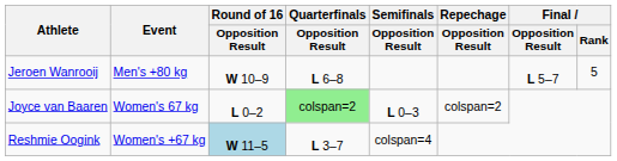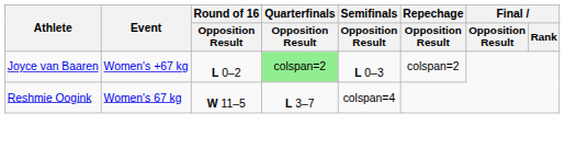 <table class="wikitable" style="text-align:center; font-size:90%">
 <tr>
 <th rowspan=2>Athlete</th>
 <th rowspan=2>Event</th>
 <th>Round of 16</th>
 <th>Quarterfinals</th>
 <th>Semifinals</th>
 <th>Repechage</th>
 <th colspan="2">Final / </th>
 </tr>
 <tr style="font-size:95%">
 <th>Opposition<br>Result</th>
 <th>Opposition<br>Result</th>
 <th>Opposition<br>Result</th>
 <th>Opposition<br>Result</th>
 <th>Opposition<br>Result</th>
 <th>Rank</th>
 </tr>
 <tr>
-<td align=left><a href='#'>Jeroen Wanrooij</a></td>
-<td align=left><a href='#'>Men's +80 kg</a></td>
-<td><br><strong>W</strong> 10–9</td>
-<td><br><strong>L</strong> 6–8</td>
-<td></td>
-<td></td>
-<td><br><strong>L</strong> 5–7</td>
-<td>5</td>
-</tr>
-<tr>
 <td align=left><a href='#'>Joyce van Baaren</a></td>
-<td align=left><a href='#'>Women's 67 kg</a></td>
+<td align=left><a href='#'>Women's +67 kg</a></td>
 <td><br><strong>L</strong> 0–2</td>
 <td style="background: lightgreen;">colspan=2 </td>
 <td><br><strong>L</strong> 0–3</td>
 <td>colspan=2 </td>
 </tr>
 <tr>
 <td align=left><a href='#'>Reshmie Oogink</a></td>
-<td align=left><a href='#'>Women's +67 kg</a></td>
-<td style="background: lightblue;"><br><strong>W</strong> 11–5</td>
+<td align=left><a href='#'>Women's 67 kg</a></td>
+<td><br><strong>W</strong> 11–5</td>
 <td><br><strong>L</strong> 3–7</td>
 <td>colspan=4 </td>
 </tr>
 </table>
